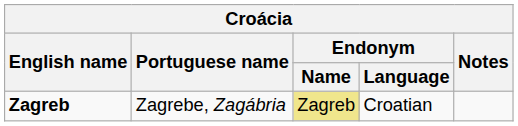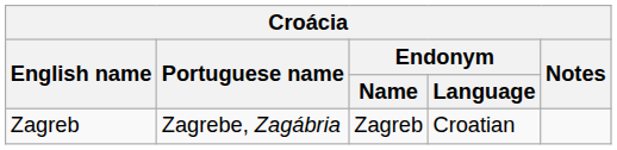 <table class="wikitable sortable">
 <tr>
 <th colspan="5"> Croácia</th>
 </tr>
 <tr>
 <th rowspan="2">English name</th>
 <th rowspan="2">Portuguese name</th>
 <th colspan="2">Endonym</th>
 <th rowspan="2">Notes</th>
 </tr>
 <tr>
 <th>Name</th>
 <th>Language</th>
 </tr>
 <tr>
-<td><strong>Zagreb</strong></td>
+<td>Zagreb</td>
 <td>Zagrebe, <em>Zagábria</em></td>
-<td style="background: khaki;">Zagreb</td>
+<td>Zagreb</td>
 <td>Croatian</td>
 <td></td>
 </tr>
 </table>
